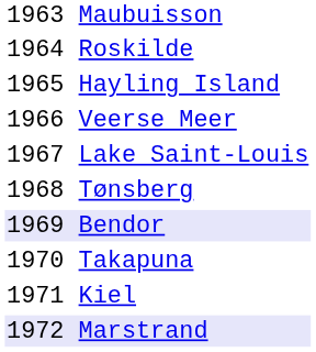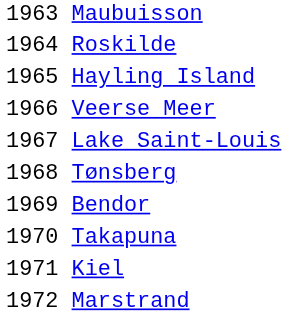 <table>
 <tr>
 <td>1963 <a href='#'>Maubuisson</a></td>
 <td></td>
 <td></td>
 <td></td>
 <td></td>
 </tr>
 <tr>
 <td>1964 <a href='#'>Roskilde</a></td>
 <td></td>
 <td></td>
 <td></td>
 <td></td>
 </tr>
 <tr>
 <td>1965 <a href='#'>Hayling Island</a></td>
 <td></td>
 <td></td>
 <td></td>
 <td></td>
 </tr>
 <tr>
 <td>1966 <a href='#'>Veerse Meer</a></td>
 <td></td>
 <td></td>
 <td></td>
 </tr>
 <tr>
 <td>1967 <a href='#'>Lake Saint-Louis</a></td>
 <td></td>
 <td></td>
 <td></td>
 <td></td>
 </tr>
 <tr>
 <td>1968 <a href='#'>Tønsberg</a></td>
 <td></td>
 <td></td>
 <td></td>
 <td></td>
 </tr>
 <tr>
-<td style="background: lavender;">1969 <a href='#'>Bendor</a></td>
+<td>1969 <a href='#'>Bendor</a></td>
 <td></td>
 <td></td>
 <td></td>
 <td></td>
 </tr>
 <tr>
 <td>1970 <a href='#'>Takapuna</a></td>
 <td></td>
 <td></td>
 <td></td>
 <td></td>
 </tr>
 <tr>
 <td>1971 <a href='#'>Kiel</a></td>
 <td></td>
 <td></td>
 <td></td>
 <td></td>
 </tr>
 <tr>
-<td style="background: lavender;">1972 <a href='#'>Marstrand</a></td>
+<td>1972 <a href='#'>Marstrand</a></td>
 <td></td>
 <td></td>
 <td></td>
 <td></td>
 </tr>
 </table>
